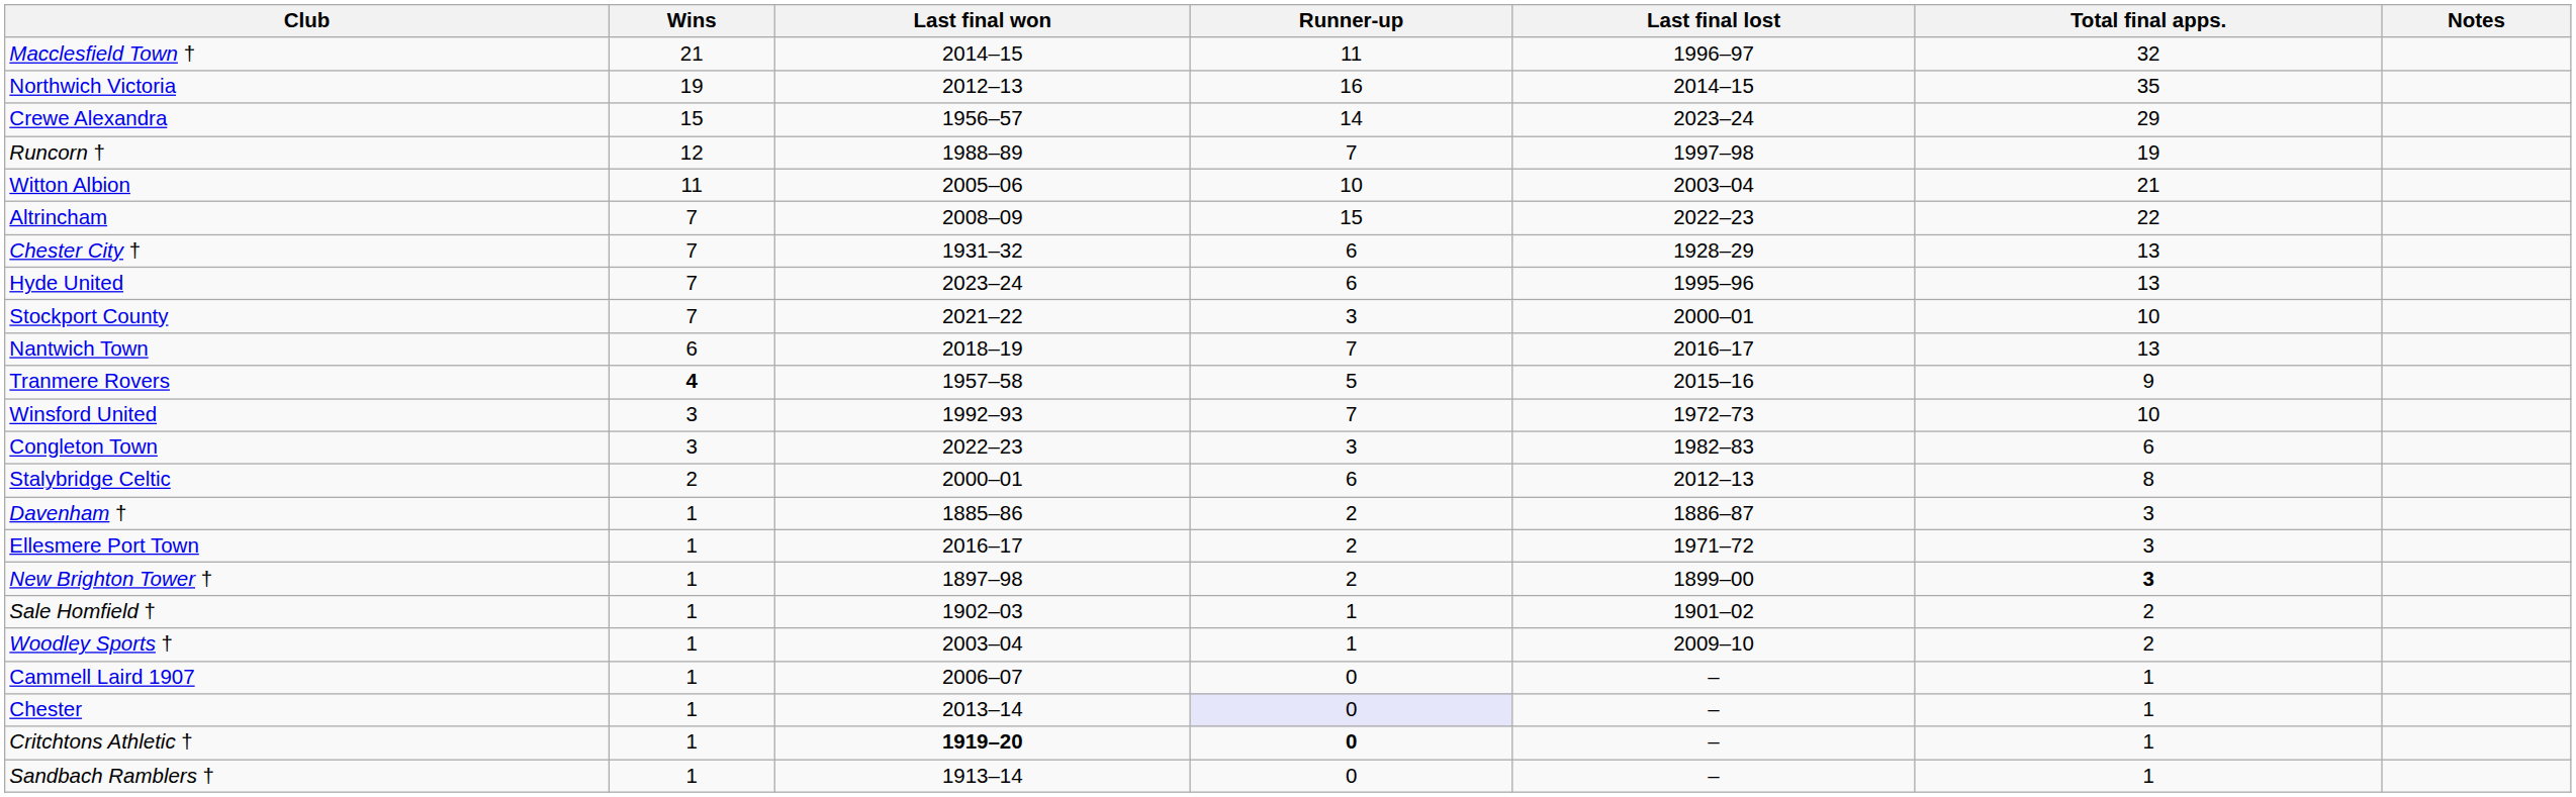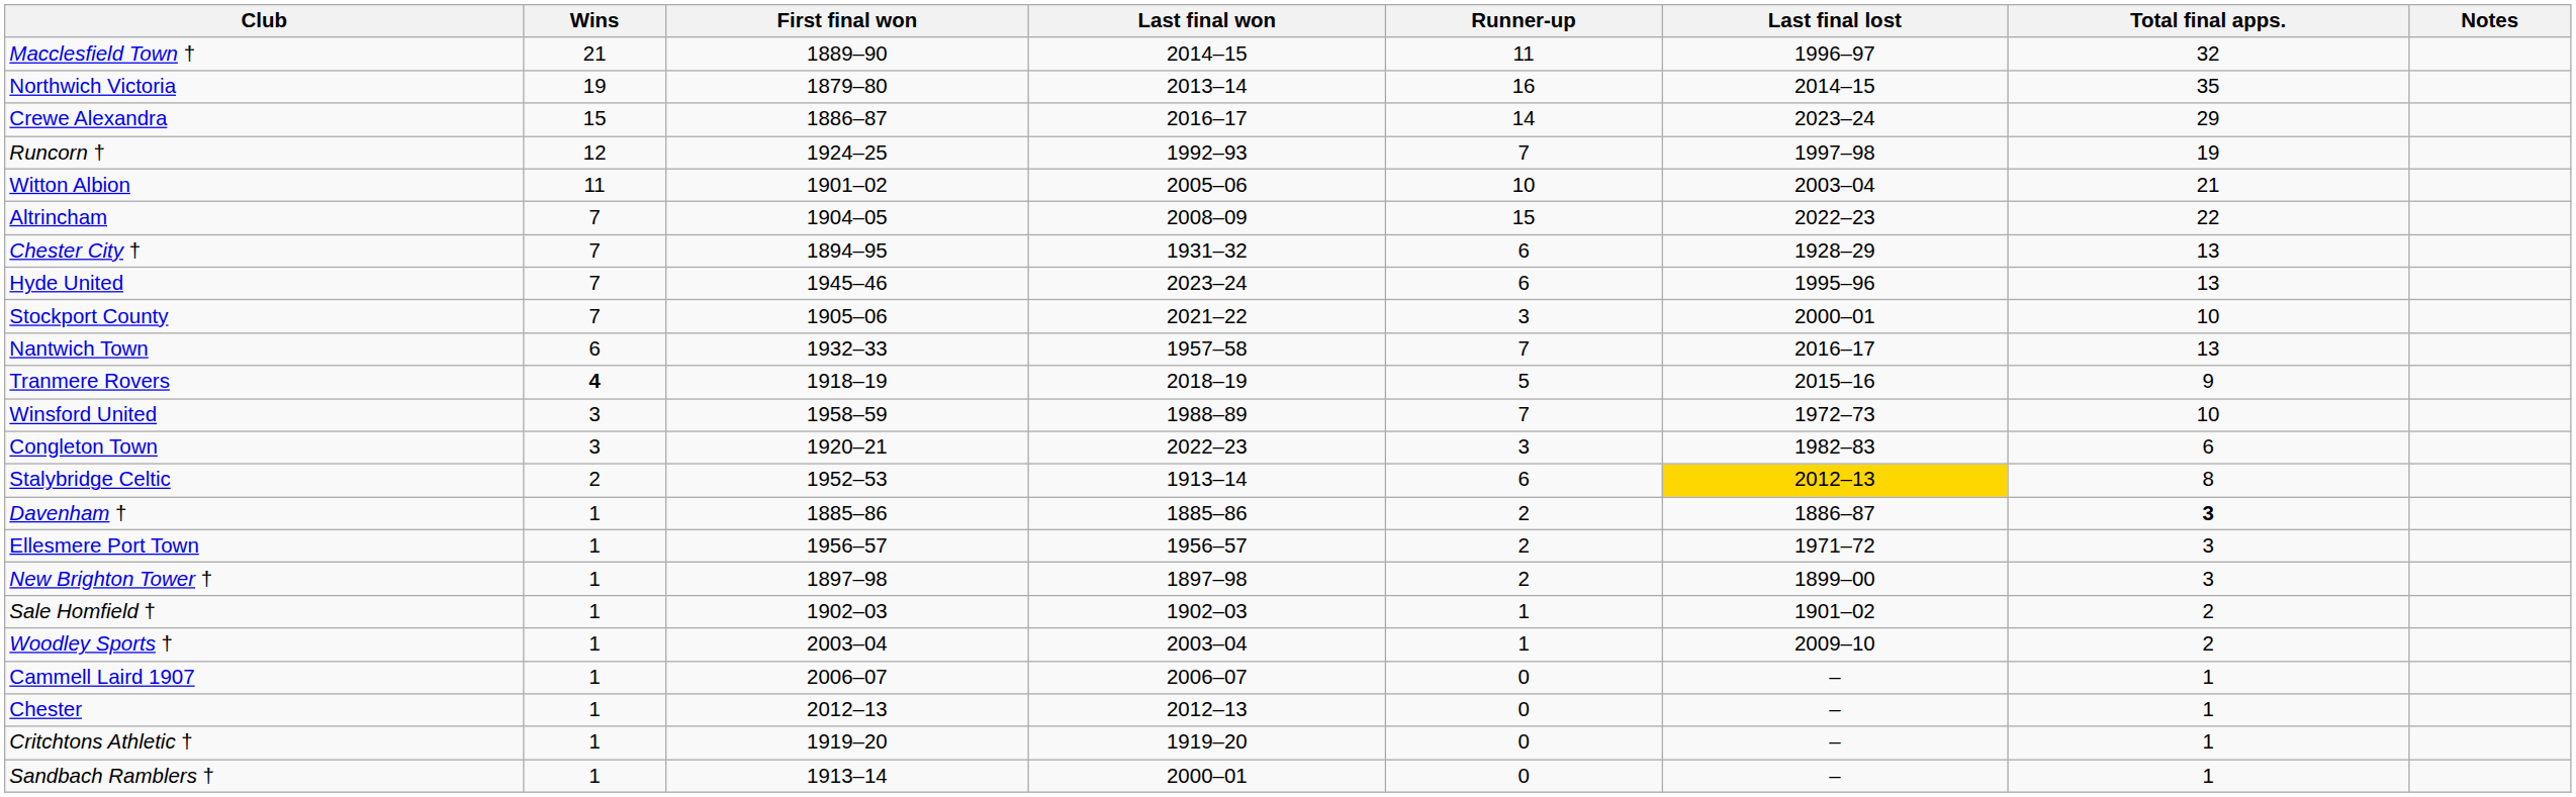 <table class="wikitable sortable" style="text-align: center; width: 100%">
 <tr>
 <th>Club</th>
 <th>Wins</th>
+<th>First final won</th>
 <th>Last final won</th>
 <th>Runner-up</th>
 <th>Last final lost</th>
 <th>Total final apps.</th>
 <th>Notes</th>
 </tr>
 <tr>
 <td style="text-align: left"><em><a href='#'>Macclesfield Town</a></em> †</td>
 <td>21</td>
+<td>1889–90</td>
 <td>2014–15</td>
 <td>11</td>
 <td>1996–97</td>
 <td>32</td>
 <td></td>
 </tr>
 <tr>
 <td style="text-align: left"><a href='#'>Northwich Victoria</a></td>
 <td>19</td>
-<td>2012–13</td>
+<td>1879–80</td>
+<td>2013–14</td>
 <td>16</td>
 <td>2014–15</td>
 <td>35</td>
 <td></td>
 </tr>
 <tr>
 <td style="text-align: left"><a href='#'>Crewe Alexandra</a></td>
 <td>15</td>
-<td>1956–57</td>
+<td>1886–87</td>
+<td>2016–17</td>
 <td>14</td>
 <td>2023–24</td>
 <td>29</td>
 <td></td>
 </tr>
 <tr>
 <td style="text-align: left"><em>Runcorn</em> †</td>
 <td>12</td>
-<td>1988–89</td>
+<td>1924–25</td>
+<td>1992–93</td>
 <td>7</td>
 <td>1997–98</td>
 <td>19</td>
 <td></td>
 </tr>
 <tr>
 <td style="text-align: left"><a href='#'>Witton Albion</a></td>
 <td>11</td>
+<td>1901–02</td>
 <td>2005–06</td>
 <td>10</td>
 <td>2003–04</td>
 <td>21</td>
 <td></td>
 </tr>
 <tr>
 <td style="text-align: left"><a href='#'>Altrincham</a></td>
 <td>7</td>
+<td>1904–05</td>
 <td>2008–09</td>
 <td>15</td>
 <td>2022–23</td>
 <td>22</td>
 <td></td>
 </tr>
 <tr>
 <td style="text-align: left"><em><a href='#'>Chester City</a></em> †</td>
 <td>7</td>
+<td>1894–95</td>
 <td>1931–32</td>
 <td>6</td>
 <td>1928–29</td>
 <td>13</td>
 <td></td>
 </tr>
 <tr>
 <td style="text-align: left"><a href='#'>Hyde United</a></td>
 <td>7</td>
+<td>1945–46</td>
 <td>2023–24</td>
 <td>6</td>
 <td>1995–96</td>
 <td>13</td>
 <td></td>
 </tr>
 <tr>
 <td style="text-align: left"><a href='#'>Stockport County</a></td>
 <td>7</td>
+<td>1905–06</td>
 <td>2021–22</td>
 <td>3</td>
 <td>2000–01</td>
 <td>10</td>
 <td></td>
 </tr>
 <tr>
 <td style="text-align: left"><a href='#'>Nantwich Town</a></td>
 <td>6</td>
-<td>2018–19</td>
+<td>1932–33</td>
+<td>1957–58</td>
 <td>7</td>
 <td>2016–17</td>
 <td>13</td>
 <td></td>
 </tr>
 <tr>
 <td style="text-align: left"><a href='#'>Tranmere Rovers</a></td>
 <td><strong>4</strong></td>
-<td>1957–58</td>
+<td>1918–19</td>
+<td>2018–19</td>
 <td>5</td>
 <td>2015–16</td>
 <td>9</td>
 <td></td>
 </tr>
 <tr>
 <td style="text-align: left"><a href='#'>Winsford United</a></td>
 <td>3</td>
-<td>1992–93</td>
+<td>1958–59</td>
+<td>1988–89</td>
 <td>7</td>
 <td>1972–73</td>
 <td>10</td>
 <td></td>
 </tr>
 <tr>
 <td style="text-align: left"><a href='#'>Congleton Town</a></td>
 <td>3</td>
+<td>1920–21</td>
 <td>2022–23</td>
 <td>3</td>
 <td>1982–83</td>
 <td>6</td>
 <td></td>
 </tr>
 <tr>
 <td style="text-align: left"><a href='#'>Stalybridge Celtic</a></td>
 <td>2</td>
-<td>2000–01</td>
+<td>1952–53</td>
+<td>1913–14</td>
 <td>6</td>
-<td>2012–13</td>
+<td style="background: gold;">2012–13</td>
 <td>8</td>
 <td></td>
 </tr>
 <tr>
 <td style="text-align: left"><em><a href='#'>Davenham</a></em> †</td>
 <td>1</td>
 <td>1885–86</td>
+<td>1885–86</td>
 <td>2</td>
 <td>1886–87</td>
-<td>3</td>
+<td><strong>3</strong></td>
 <td></td>
 </tr>
 <tr>
 <td style="text-align: left"><a href='#'>Ellesmere Port Town</a></td>
 <td>1</td>
-<td>2016–17</td>
+<td>1956–57</td>
+<td>1956–57</td>
 <td>2</td>
 <td>1971–72</td>
 <td>3</td>
 <td></td>
 </tr>
 <tr>
 <td style="text-align: left"><em><a href='#'>New Brighton Tower</a></em> †</td>
 <td>1</td>
 <td>1897–98</td>
+<td>1897–98</td>
 <td>2</td>
 <td>1899–00</td>
-<td><strong>3</strong></td>
+<td>3</td>
 <td></td>
 </tr>
 <tr>
 <td style="text-align: left"><em>Sale Homfield</em> †</td>
 <td>1</td>
+<td>1902–03</td>
 <td>1902–03</td>
 <td>1</td>
 <td>1901–02</td>
 <td>2</td>
 <td></td>
 </tr>
 <tr>
 <td style="text-align: left"><em><a href='#'>Woodley Sports</a></em> †</td>
 <td>1</td>
 <td>2003–04</td>
+<td>2003–04</td>
 <td>1</td>
 <td>2009–10</td>
 <td>2</td>
 <td></td>
 </tr>
 <tr>
 <td style="text-align: left"><a href='#'>Cammell Laird 1907</a></td>
 <td>1</td>
 <td>2006–07</td>
+<td>2006–07</td>
 <td>0</td>
 <td>–</td>
 <td>1</td>
 <td></td>
 </tr>
 <tr>
 <td style="text-align: left"><a href='#'>Chester</a></td>
 <td>1</td>
-<td>2013–14</td>
-<td style="background: lavender;">0</td>
+<td>2012–13</td>
+<td>2012–13</td>
+<td>0</td>
 <td>–</td>
 <td>1</td>
 <td></td>
 </tr>
 <tr>
 <td style="text-align: left"><em>Critchtons Athletic</em> †</td>
 <td>1</td>
-<td><strong>1919–20</strong></td>
-<td><strong>0</strong></td>
+<td>1919–20</td>
+<td>1919–20</td>
+<td>0</td>
 <td>–</td>
 <td>1</td>
 <td></td>
 </tr>
 <tr>
 <td style="text-align: left"><em>Sandbach Ramblers</em> †</td>
 <td>1</td>
 <td>1913–14</td>
+<td>2000–01</td>
 <td>0</td>
 <td>–</td>
 <td>1</td>
 <td></td>
 </tr>
 </table>
